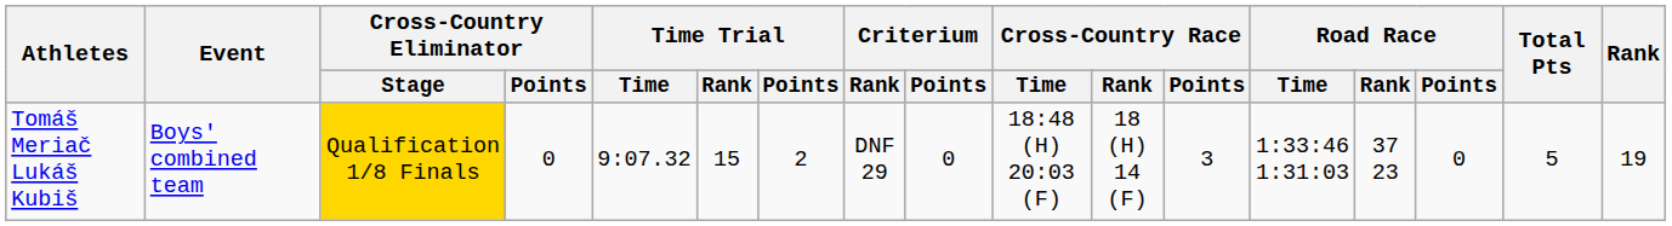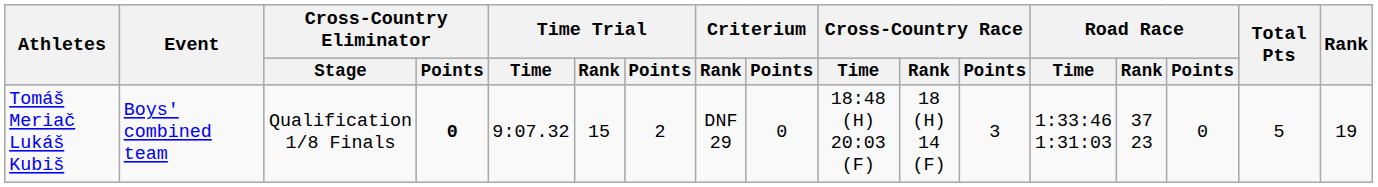 <table class="wikitable" style="font-size:90%;">
 <tr>
 <th rowspan=2>Athletes</th>
 <th rowspan=2>Event</th>
 <th colspan=2>Cross-Country<br>Eliminator</th>
 <th colspan=3>Time Trial</th>
 <th colspan=2>Criterium</th>
 <th colspan=3>Cross-Country Race</th>
 <th colspan=3>Road Race</th>
 <th rowspan=2>Total Pts</th>
 <th rowspan=2>Rank</th>
 </tr>
 <tr style="font-size:95%">
 <th>Stage</th>
 <th>Points</th>
 <th>Time</th>
 <th>Rank</th>
 <th>Points</th>
 <th>Rank</th>
 <th>Points</th>
 <th>Time</th>
 <th>Rank</th>
 <th>Points</th>
 <th>Time</th>
 <th>Rank</th>
 <th>Points</th>
 </tr>
 <tr align=center>
 <td align=left><a href='#'>Tomáš Meriač</a><br><a href='#'>Lukáš Kubiš</a></td>
 <td align=left><a href='#'>Boys' combined team</a></td>
-<td style="background: gold;">Qualification<br>1/8 Finals</td>
-<td>0</td>
+<td>Qualification<br>1/8 Finals</td>
+<td><strong>0</strong></td>
 <td>9:07.32</td>
 <td>15</td>
 <td>2</td>
 <td>DNF<br>29</td>
 <td>0</td>
 <td>18:48 (H)<br>20:03 (F)</td>
 <td>18 (H)<br>14 (F)</td>
 <td>3</td>
 <td>1:33:46<br>1:31:03</td>
 <td>37<br>23</td>
 <td>0</td>
 <td>5</td>
 <td>19</td>
 </tr>
 </table>
